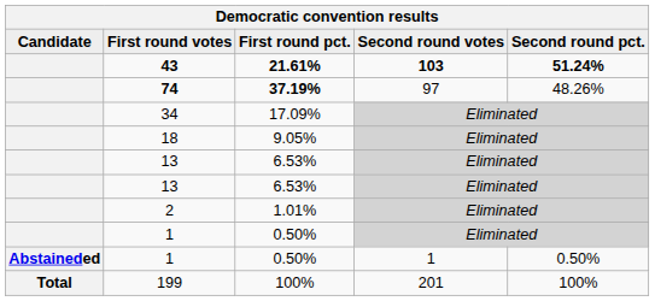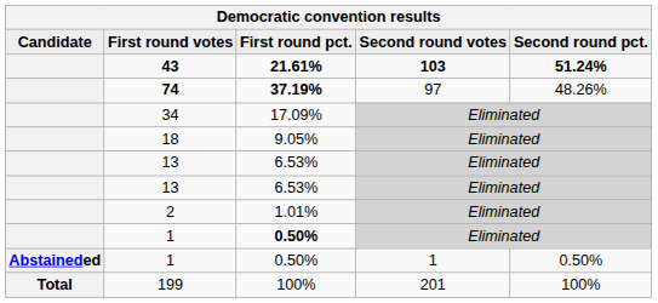 <table class="wikitable plainrowheaders">
 <tr>
 <th colspan="5" >Democratic convention results</th>
 </tr>
 <tr style="background:#eee; text-align:center;">
 <td style="text-align:center;"><strong>Candidate</strong></td>
 <td><strong>First round votes</strong></td>
 <td><strong>First round pct.</strong></td>
 <td><strong>Second round votes</strong></td>
 <td><strong>Second round pct.</strong></td>
 </tr>
 <tr>
 <th scope="row"><strong></strong></th>
 <td style="text-align:center;"><strong>43</strong></td>
 <td style="text-align:center;"><strong>21.61%</strong></td>
 <td style="text-align:center;"><strong>103</strong></td>
 <td style="text-align:center;"><strong>51.24%</strong></td>
 </tr>
 <tr>
 <th scope="row"></th>
 <td style="text-align:center;"><strong>74</strong></td>
 <td style="text-align:center;"><strong>37.19%</strong></td>
 <td style="text-align:center;">97</td>
 <td style="text-align:center;">48.26%</td>
 </tr>
 <tr>
 <th scope="row"></th>
 <td style="text-align:center;">34</td>
 <td style="text-align:center;">17.09%</td>
 <td colspan="2" bgcolor="lightgray" align="center"><em>Eliminated</em></td>
 </tr>
 <tr>
 <th scope="row"></th>
 <td style="text-align:center;">18</td>
 <td style="text-align:center;">9.05%</td>
 <td colspan="2" bgcolor="lightgray" align="center"><em>Eliminated</em></td>
 </tr>
 <tr>
 <th scope="row"></th>
 <td style="text-align:center;">13</td>
 <td style="text-align:center;">6.53%</td>
 <td colspan="2" bgcolor="lightgray" align="center"><em>Eliminated</em></td>
 </tr>
 <tr>
 <th scope="row"></th>
 <td style="text-align:center;">13</td>
 <td style="text-align:center;">6.53%</td>
 <td colspan="2" bgcolor="lightgray" align="center"><em>Eliminated</em></td>
 </tr>
 <tr>
 <th scope="row"></th>
 <td style="text-align:center;">2</td>
 <td style="text-align:center;">1.01%</td>
 <td colspan="2" bgcolor="lightgray" align="center"><em>Eliminated</em></td>
 </tr>
 <tr>
 <th scope="row"></th>
 <td style="text-align:center;">1</td>
-<td style="text-align:center;">0.50%</td>
+<td style="text-align:center;"><strong>0.50%</strong></td>
 <td colspan="2" bgcolor="lightgray" align="center"><em>Eliminated</em></td>
 </tr>
 <tr>
 <th scope="row"><a href='#'>Abstained</a>ed</th>
 <td style="text-align:center;">1</td>
 <td style="text-align:center;">0.50%</td>
 <td style="text-align:center;">1</td>
 <td style="text-align:center;">0.50%</td>
 </tr>
 <tr>
 <th scope="row"><strong>Total</strong></th>
 <td style="text-align:center;">199</td>
 <td style="text-align:center;">100%</td>
 <td style="text-align:center;">201</td>
 <td style="text-align:center;">100%</td>
 </tr>
 </table>
